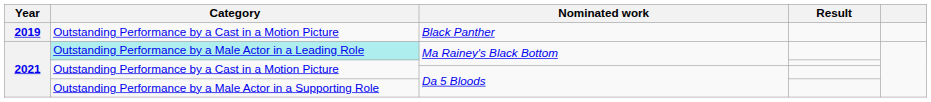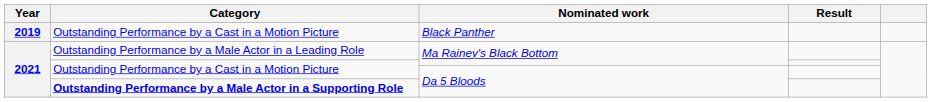 <table class="wikitable plainrowheaders" style="width:100%;">
 <tr>
 <th scope="col" style="width:5%;">Year</th>
 <th scope="col" style="width:40%;">Category</th>
 <th scope="col" style="width:40%;">Nominated work</th>
 <th scope="col" style="width:10%;">Result</th>
 <th scope="col" style="width:5%;"></th>
 </tr>
 <tr>
 <th scope="row" style="text-align:center;"><a href='#'>2019</a></th>
 <td><a href='#'>Outstanding Performance by a Cast in a Motion Picture</a></td>
 <td><em><a href='#'>Black Panther</a></em></td>
 <td></td>
 <td style="text-align:center;"></td>
 </tr>
 <tr>
 <th scope="row" style="text-align:center;" rowspan=4><a href='#'>2021</a></th>
-<td style="background: paleturquoise;"><a href='#'>Outstanding Performance by a Male Actor in a Leading Role</a></td>
+<td><a href='#'>Outstanding Performance by a Male Actor in a Leading Role</a></td>
 <td rowspan="2"><em><a href='#'>Ma Rainey's Black Bottom</a></em></td>
 <td></td>
 <td style="text-align:center;" rowspan="4"></td>
 </tr>
 <tr>
 <td rowspan=2><a href='#'>Outstanding Performance by a Cast in a Motion Picture</a></td>
 <td></td>
 </tr>
 <tr>
 <td rowspan="2"><em><a href='#'>Da 5 Bloods</a></em></td>
 <td></td>
 </tr>
 <tr>
-<td><a href='#'>Outstanding Performance by a Male Actor in a Supporting Role</a></td>
+<td><strong><a href='#'>Outstanding Performance by a Male Actor in a Supporting Role</a></strong></td>
 <td></td>
 </tr>
 </table>
